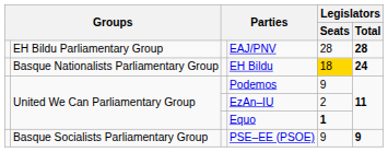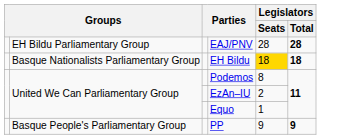 <table class="wikitable" style="text-align:left;">
 <tr>
 <th rowspan="2" colspan="2">Groups</th>
 <th rowspan="2" colspan="2">Parties</th>
 <th colspan="2">Legislators</th>
 </tr>
 <tr>
 <th>Seats</th>
 <th>Total</th>
 </tr>
 <tr>
 <td width="1" style="color:inherit;background:"></td>
 <td>EH Bildu Parliamentary Group</td>
 <td width="1" style="color:inherit;background:"></td>
 <td><a href='#'>EAJ/PNV</a></td>
 <td>28</td>
 <td><strong>28</strong></td>
 </tr>
 <tr>
 <td style="color:inherit;background:"></td>
 <td>Basque Nationalists Parliamentary Group</td>
 <td style="color:inherit;background:"></td>
 <td><a href='#'>EH Bildu</a></td>
 <td style="background: gold;">18</td>
-<td><strong>24</strong></td>
+<td><strong>18</strong></td>
 </tr>
 <tr>
 <td rowspan="3" style="color:inherit;background:"></td>
 <td rowspan="3">United We Can Parliamentary Group</td>
 <td style="color:inherit;background:"></td>
 <td><a href='#'>Podemos</a></td>
-<td>9</td>
+<td>8</td>
 <td rowspan="3"><strong>11</strong></td>
 </tr>
 <tr>
 <td style="color:inherit;background:"></td>
 <td><a href='#'>EzAn–IU</a></td>
 <td>2</td>
 </tr>
 <tr>
 <td style="color:inherit;background:"></td>
 <td><a href='#'>Equo</a></td>
-<td><strong>1</strong></td>
+<td>1</td>
 </tr>
 <tr>
 <td style="color:inherit;background:"></td>
-<td>Basque Socialists Parliamentary Group</td>
+<td>Basque People's Parliamentary Group</td>
 <td style="color:inherit;background:"></td>
-<td><a href='#'>PSE–EE (PSOE)</a></td>
+<td><a href='#'>PP</a></td>
 <td>9</td>
 <td><strong>9</strong></td>
 </tr>
 </table>
